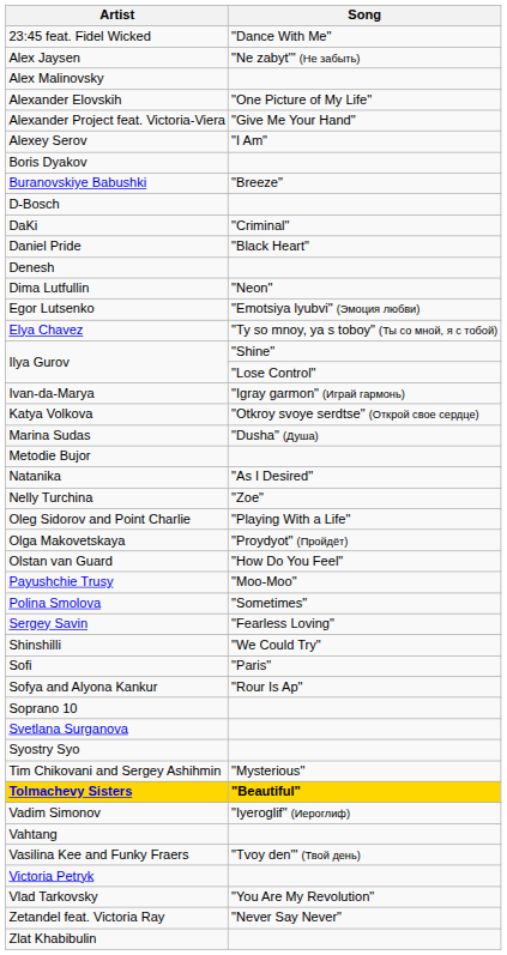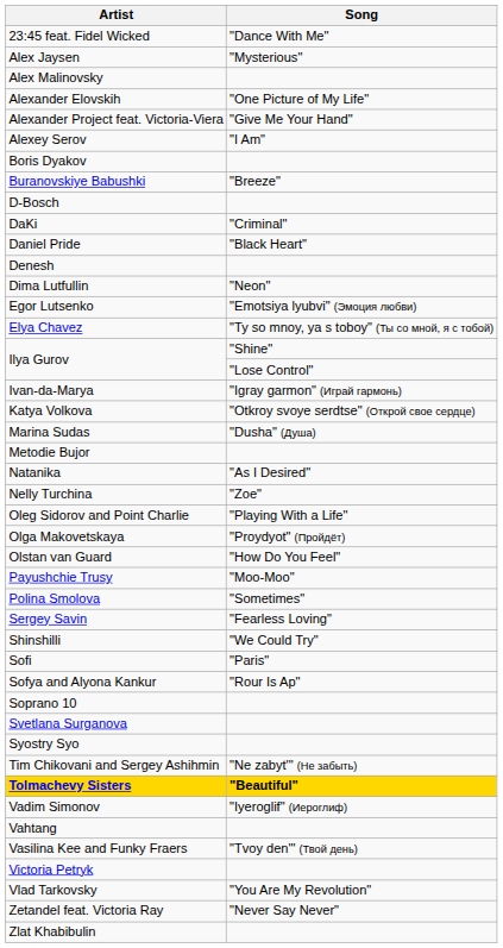 <table class="wikitable sortable" style="margin: 1em auto 1em auto; text-align:left">
 <tr>
 <th scope="col">Artist</th>
 <th scope="col">Song</th>
 </tr>
 <tr>
 <td>23:45 feat. Fidel Wicked</td>
 <td>"Dance With Me"</td>
 </tr>
 <tr>
 <td>Alex Jaysen</td>
-<td>"Ne zabyt'" <small>(Не забыть)</small></td>
+<td>"Mysterious"</td>
 </tr>
 <tr>
 <td>Alex Malinovsky</td>
 <td></td>
 </tr>
 <tr>
 <td>Alexander Elovskih</td>
 <td>"One Picture of My Life"</td>
 </tr>
 <tr>
 <td>Alexander Project feat. Victoria-Viera</td>
 <td>"Give Me Your Hand"</td>
 </tr>
 <tr>
 <td>Alexey Serov</td>
 <td>"I Am"</td>
 </tr>
 <tr>
 <td>Boris Dyakov</td>
 <td></td>
 </tr>
 <tr>
 <td><a href='#'>Buranovskiye Babushki</a></td>
 <td>"Breeze"</td>
 </tr>
 <tr>
 <td>D-Bosch</td>
 <td></td>
 </tr>
 <tr>
 <td>DaKi</td>
 <td>"Criminal"</td>
 </tr>
 <tr>
 <td>Daniel Pride</td>
 <td>"Black Heart"</td>
 </tr>
 <tr>
 <td>Denesh</td>
 <td></td>
 </tr>
 <tr>
 <td>Dima Lutfullin</td>
 <td>"Neon"</td>
 </tr>
 <tr>
 <td>Egor Lutsenko</td>
 <td>"Emotsiya lyubvi" <small>(Эмоция любви)</small></td>
 </tr>
 <tr>
 <td><a href='#'>Elya Chavez</a></td>
 <td>"Ty so mnoy, ya s toboy" <small>(Ты со мной, я с тобой)</small></td>
 </tr>
 <tr>
 <td rowspan="2">Ilya Gurov</td>
 <td>"Shine"</td>
 </tr>
 <tr>
 <td>"Lose Control"</td>
 </tr>
 <tr>
 <td>Ivan-da-Marya</td>
 <td>"Igray garmon" <small>(Играй гармонь)</small></td>
 </tr>
 <tr>
 <td>Katya Volkova</td>
 <td>"Otkroy svoye serdtse" <small>(Открой свое сердце)</small></td>
 </tr>
 <tr>
 <td>Marina Sudas</td>
 <td>"Dusha" <small>(Душа)</small></td>
 </tr>
 <tr>
 <td>Metodie Bujor</td>
 <td></td>
 </tr>
 <tr>
 <td>Natanika</td>
 <td>"As I Desired"</td>
 </tr>
 <tr>
 <td>Nelly Turchina</td>
 <td>"Zoe"</td>
 </tr>
 <tr>
 <td>Oleg Sidorov and Point Charlie</td>
 <td>"Playing With a Life"</td>
 </tr>
 <tr>
 <td>Olga Makovetskaya</td>
 <td>"Proydyot" <small>(Пройдёт)</small></td>
 </tr>
 <tr>
 <td>Olstan van Guard</td>
 <td>"How Do You Feel"</td>
 </tr>
 <tr>
 <td><a href='#'>Payushchie Trusy</a></td>
 <td>"Moo-Moo"</td>
 </tr>
 <tr>
 <td><a href='#'>Polina Smolova</a></td>
 <td>"Sometimes"</td>
 </tr>
 <tr>
 <td><a href='#'>Sergey Savin</a></td>
 <td>"Fearless Loving"</td>
 </tr>
 <tr>
 <td>Shinshilli</td>
 <td>"We Could Try"</td>
 </tr>
 <tr>
 <td>Sofi</td>
 <td>"Paris"</td>
 </tr>
 <tr>
 <td>Sofya and Alyona Kankur</td>
 <td>"Rour Is Ap"</td>
 </tr>
 <tr>
 <td>Soprano 10</td>
 <td></td>
 </tr>
 <tr>
 <td><a href='#'>Svetlana Surganova</a></td>
 <td></td>
 </tr>
 <tr>
 <td>Syostry Syo</td>
 <td></td>
 </tr>
 <tr>
 <td>Tim Chikovani and Sergey Ashihmin</td>
-<td>"Mysterious"</td>
+<td>"Ne zabyt'" <small>(Не забыть)</small></td>
 </tr>
 <tr style="font-weight:bold; background:gold;">
 <td><a href='#'>Tolmachevy Sisters</a></td>
 <td>"Beautiful"</td>
 </tr>
 <tr>
 <td>Vadim Simonov</td>
 <td>"Iyeroglif" <small>(Иероглиф)</small></td>
 </tr>
 <tr>
 <td>Vahtang</td>
 <td></td>
 </tr>
 <tr>
 <td>Vasilina Kee and Funky Fraers</td>
 <td>"Tvoy den'" <small>(Твой день)</small></td>
 </tr>
 <tr>
 <td><a href='#'>Victoria Petryk</a></td>
 <td></td>
 </tr>
 <tr>
 <td>Vlad Tarkovsky</td>
 <td>"You Are My Revolution"</td>
 </tr>
 <tr>
 <td>Zetandel feat. Victoria Ray</td>
 <td>"Never Say Never"</td>
 </tr>
 <tr>
 <td>Zlat Khabibulin</td>
 <td></td>
 </tr>
 </table>
